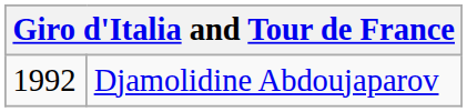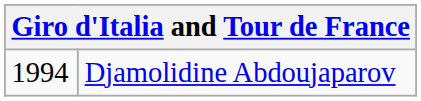 <table class="wikitable">
 <tr>
 <th colspan=2><a href='#'>Giro d'Italia</a> and <a href='#'>Tour de France</a></th>
 </tr>
 <tr>
-<td>1992</td>
+<td>1994</td>
 <td> <a href='#'>Djamolidine Abdoujaparov</a></td>
 </tr>
 </table>
